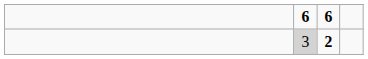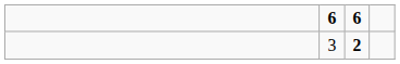 <table class="wikitable">
 <tr>
 <td style="width:18em"><strong></strong></td>
 <td align=center style="width:1em"><strong>6</strong></td>
 <td align=center style="width:1em"><strong>6</strong></td>
 <td align=center style="width:1em"></td>
 </tr>
 <tr>
 <td style="width:18em"></td>
-<td align=center style="background: lightgrey; width:1em">3</td>
+<td align=center style="width:1em">3</td>
 <td align=center style="width:1em"><strong>2</strong></td>
 <td align=center style="width:1em"></td>
 </tr>
 </table>
